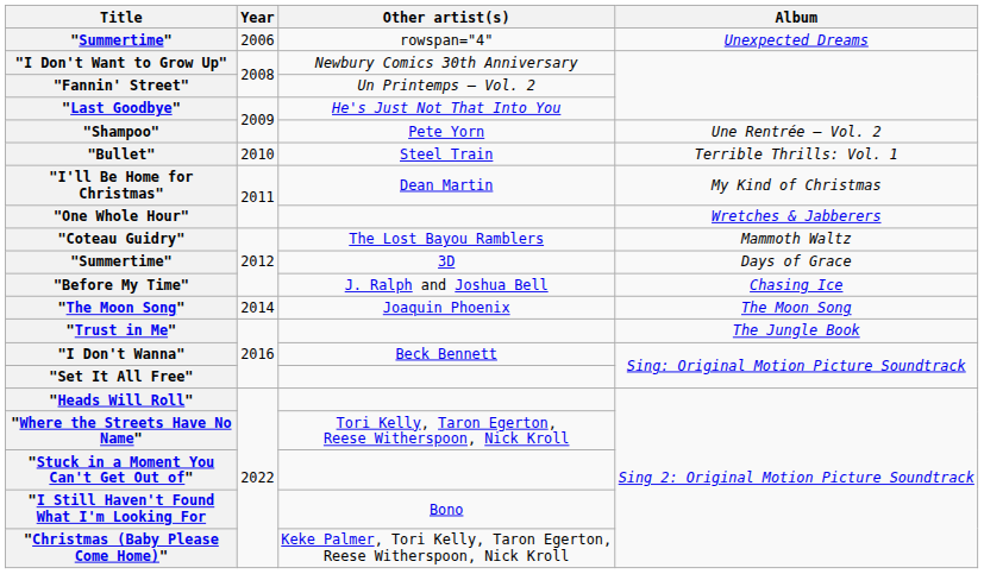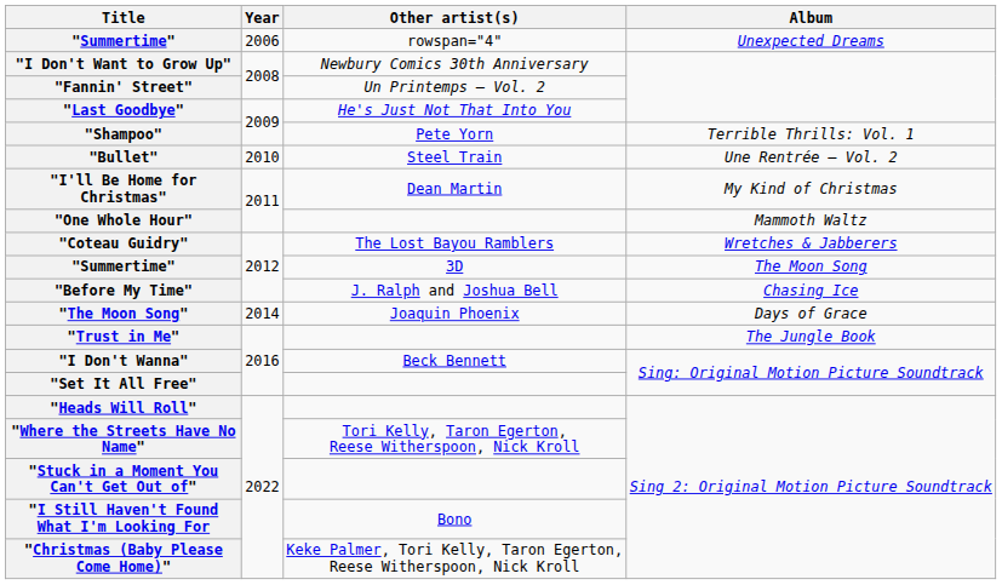 <table class="wikitable plainrowheaders" style="text-align:center;" border="1">
 <tr>
 <th scope="col" style="width:16em;">Title</th>
 <th scope="col">Year</th>
 <th scope="col">Other artist(s)</th>
 <th scope="col">Album</th>
 </tr>
 <tr>
 <th scope="row">"<a href='#'>Summertime</a>"</th>
 <td>2006</td>
 <td>rowspan="4" </td>
 <td><em><a href='#'>Unexpected Dreams</a></em></td>
 </tr>
 <tr>
 <th scope="row">"I Don't Want to Grow Up"</th>
 <td rowspan="2">2008</td>
 <td><em>Newbury Comics 30th Anniversary</em></td>
 </tr>
 <tr>
 <th scope="row">"Fannin' Street"</th>
 <td><em>Un Printemps – Vol. 2</em></td>
 </tr>
 <tr>
 <th scope="row">"<a href='#'>Last Goodbye</a>"</th>
 <td rowspan="2">2009</td>
 <td><em><a href='#'>He's Just Not That Into You</a></em></td>
 </tr>
 <tr>
 <th scope="row">"Shampoo"</th>
 <td><a href='#'>Pete Yorn</a></td>
-<td><em>Une Rentrée – Vol. 2</em></td>
+<td><em>Terrible Thrills: Vol. 1</em></td>
 </tr>
 <tr>
 <th scope="row">"Bullet"</th>
 <td>2010</td>
 <td><a href='#'>Steel Train</a></td>
-<td><em>Terrible Thrills: Vol. 1</em></td>
+<td><em>Une Rentrée – Vol. 2</em></td>
 </tr>
 <tr>
 <th scope="row">"I'll Be Home for Christmas"</th>
 <td rowspan="2">2011</td>
 <td><a href='#'>Dean Martin</a></td>
 <td><em>My Kind of Christmas</em></td>
 </tr>
 <tr>
 <th scope="row">"One Whole Hour"</th>
 <td></td>
-<td><em><a href='#'>Wretches & Jabberers</a></em></td>
+<td><em>Mammoth Waltz</em></td>
 </tr>
 <tr>
 <th scope="row">"Coteau Guidry"</th>
 <td rowspan="3">2012</td>
 <td><a href='#'>The Lost Bayou Ramblers</a></td>
-<td><em>Mammoth Waltz</em></td>
+<td><em><a href='#'>Wretches & Jabberers</a></em></td>
 </tr>
 <tr>
 <th scope="row">"Summertime"</th>
 <td><a href='#'>3D</a></td>
-<td><em>Days of Grace</em></td>
+<td><em><a href='#'>The Moon Song</a></em></td>
 </tr>
 <tr>
 <th scope="row">"Before My Time"</th>
 <td><a href='#'>J. Ralph</a> and <a href='#'>Joshua Bell</a></td>
 <td><em><a href='#'>Chasing Ice</a></em></td>
 </tr>
 <tr>
 <th scope="row">"<a href='#'>The Moon Song</a>"</th>
 <td>2014</td>
 <td><a href='#'>Joaquin Phoenix</a></td>
-<td><em><a href='#'>The Moon Song</a></em></td>
+<td><em>Days of Grace</em></td>
 </tr>
 <tr>
 <th scope="row">"<a href='#'>Trust in Me</a>"</th>
 <td rowspan="3">2016</td>
 <td></td>
 <td><em><a href='#'>The Jungle Book</a></em></td>
 </tr>
 <tr>
 <th scope="row">"I Don't Wanna"</th>
 <td><a href='#'>Beck Bennett</a></td>
 <td rowspan="2"><em><a href='#'>Sing: Original Motion Picture Soundtrack</a></em></td>
 </tr>
 <tr>
 <th scope="row">"Set It All Free"</th>
 <td></td>
 </tr>
 <tr>
 <th scope="row">"<a href='#'>Heads Will Roll</a>"</th>
 <td rowspan="5">2022</td>
 <td></td>
 <td rowspan="5"><em><a href='#'>Sing 2: Original Motion Picture Soundtrack</a></em></td>
 </tr>
 <tr>
 <th scope="row">"<a href='#'>Where the Streets Have No Name</a>"</th>
 <td><a href='#'>Tori Kelly</a>, <a href='#'>Taron Egerton</a>, <br> <a href='#'>Reese Witherspoon</a>, <a href='#'>Nick Kroll</a></td>
 </tr>
 <tr>
 <th scope="row">"<a href='#'>Stuck in a Moment You Can't Get Out of</a>"</th>
 <td></td>
 </tr>
 <tr>
 <th scope="row">"<a href='#'>I Still Haven't Found What I'm Looking For</a></th>
 <td><a href='#'>Bono</a></td>
 </tr>
 <tr>
 <th scope="row">"<a href='#'>Christmas (Baby Please Come Home)</a>"</th>
 <td><a href='#'>Keke Palmer</a>, Tori Kelly, Taron Egerton, <br> Reese Witherspoon, Nick Kroll</td>
 </tr>
 </table>
